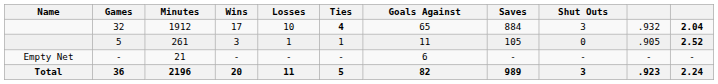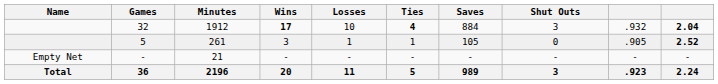 <table class="wikitable sortable" width ="1000">
 <tr align="center">
 <th>Name</th>
 <th>Games</th>
 <th>Minutes</th>
 <th>Wins</th>
 <th>Losses</th>
 <th>Ties</th>
-<th>Goals Against</th>
 <th>Saves</th>
 <th>Shut Outs</th>
 <th><a href='#'></a></th>
 <th><a href='#'></a></th>
 </tr>
 <tr align="center" bgcolor="">
 <td></td>
 <td>32</td>
 <td>1912</td>
-<td>17</td>
+<td><strong>17</strong></td>
 <td>10</td>
 <td><strong>4</strong></td>
-<td>65</td>
 <td>884</td>
 <td>3</td>
 <td>.932</td>
 <td><strong>2.04</strong></td>
 </tr>
 <tr align="center" bgcolor="f0f0f0">
 <td></td>
 <td>5</td>
 <td>261</td>
 <td>3</td>
 <td>1</td>
 <td>1</td>
-<td>11</td>
 <td>105</td>
 <td>0</td>
 <td>.905</td>
 <td><strong>2.52</strong></td>
 </tr>
 <tr align="center" bgcolor="">
 <td>Empty Net</td>
 <td>-</td>
 <td>21</td>
 <td>-</td>
 <td>-</td>
 <td>-</td>
-<td>6</td>
 <td>-</td>
 <td>-</td>
 <td>-</td>
 <td>-</td>
 </tr>
 <tr>
 <th>Total</th>
 <th>36</th>
 <th>2196</th>
 <th>20</th>
 <th>11</th>
 <th>5</th>
-<th>82</th>
 <th>989</th>
 <th>3</th>
 <th>.923</th>
 <th>2.24</th>
 </tr>
 </table>
